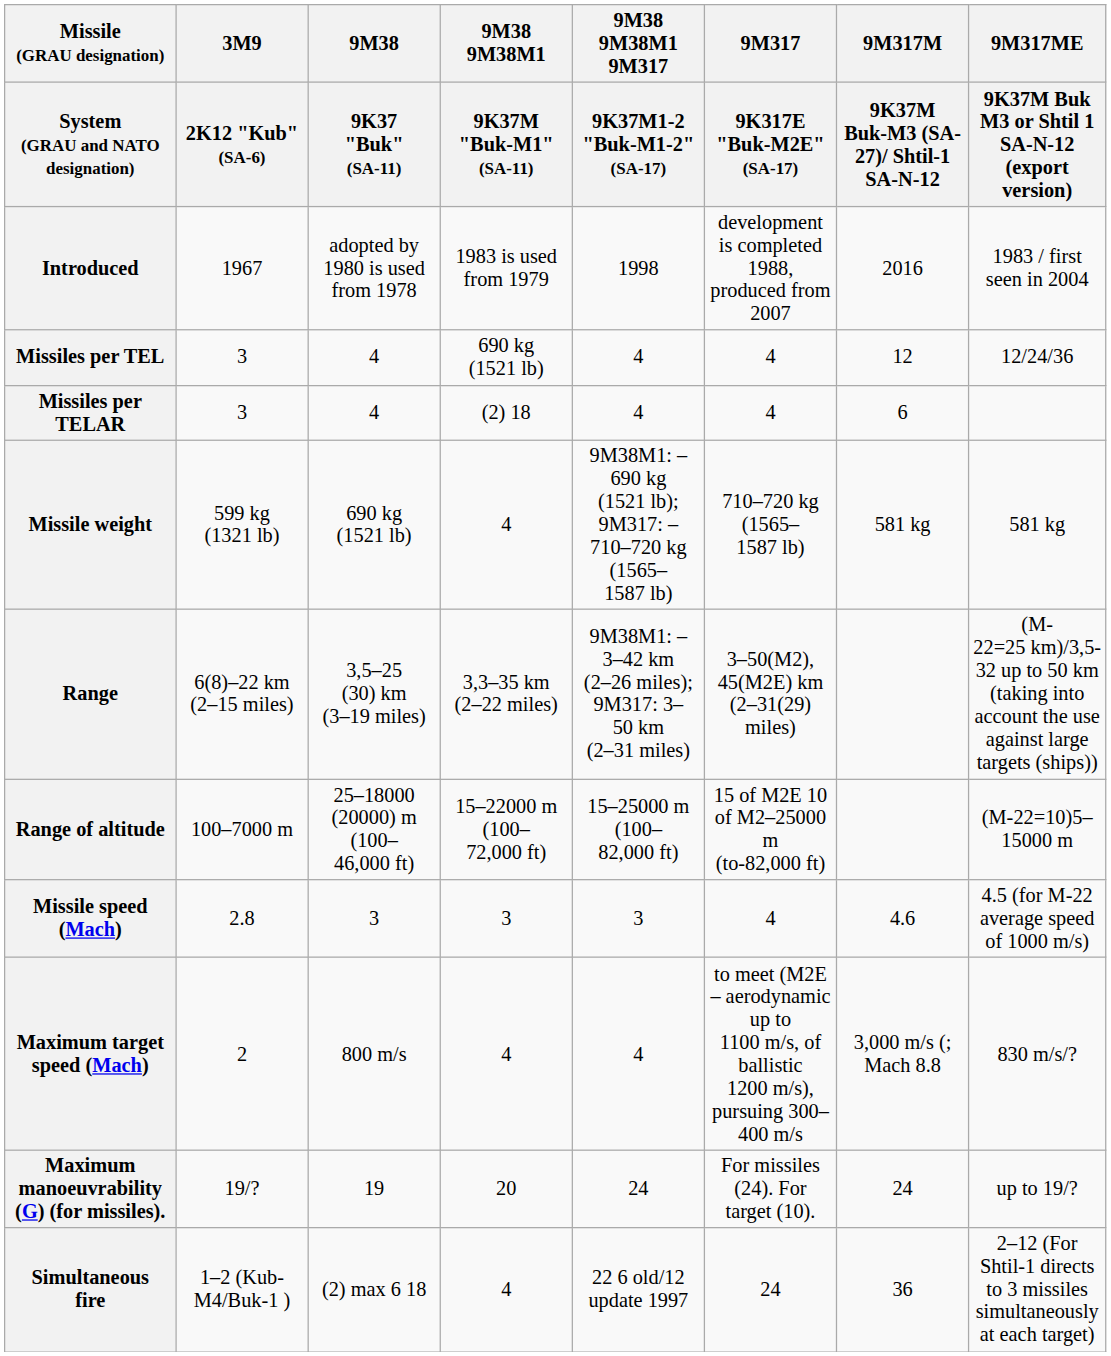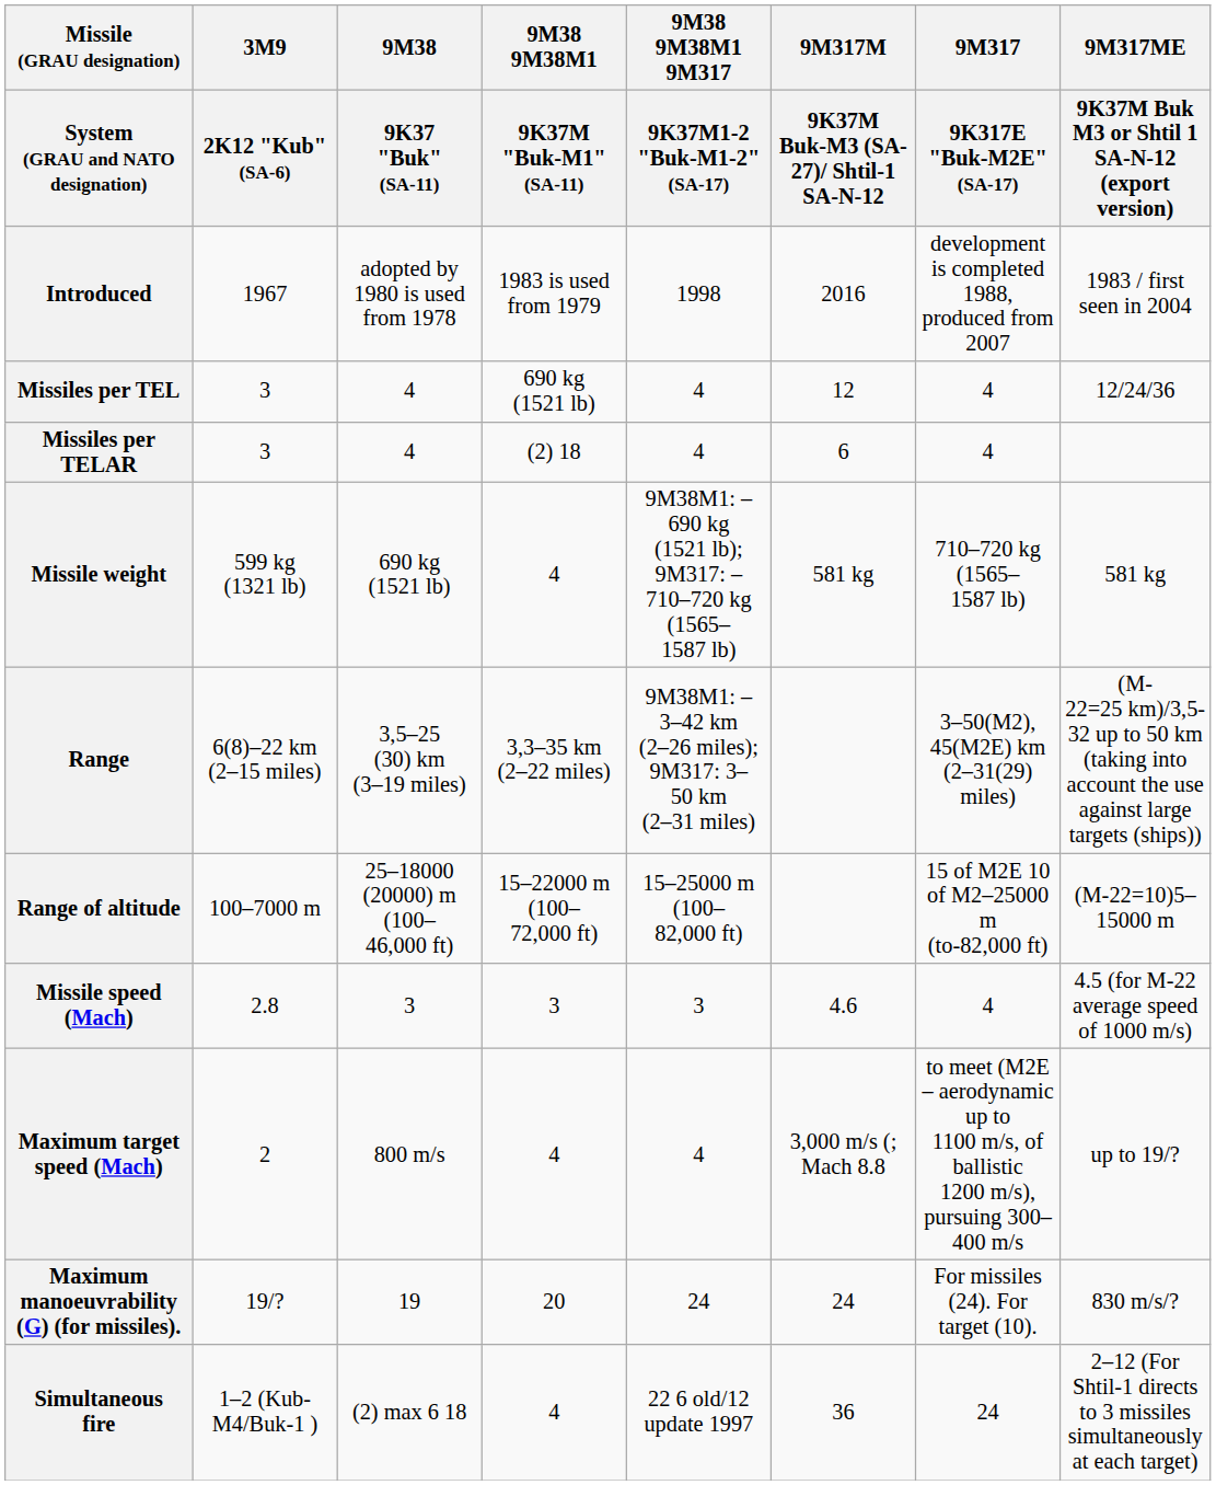 <table class="wikitable" style="text-align:center;">
 <tr>
 <th>Missile <br><small>(GRAU designation)</small></th>
 <th width=12%>3M9</th>
 <th width=12%>9М38</th>
 <th width=12%>9М38<br>9М38M1</th>
 <th width=12%>9М38<br>9М38M1<br>9M317</th>
+<th width=12%>9M317M</th>
 <th width=12%>9M317</th>
-<th width=12%>9M317M</th>
 <th width=12%>9M317ME</th>
 </tr>
 <tr>
 <th>System <br><small>(GRAU and NATO designation)</small></th>
 <th>2K12 "Kub" <br><small>(SA-6)</small></th>
 <th>9K37 <br> "Buk" <br><small>(SA-11)</small></th>
 <th>9K37M <br> "Buk-M1" <br><small>(SA-11)</small></th>
 <th>9K37M1-2 <br> "Buk-M1-2" <br><small>(SA-17)</small></th>
+<th>9K37M<br>Buk-M3 (SA-27)/ Shtil-1  SA-N-12</th>
 <th>9K317E <br> "Buk-M2E" <br> <small>(SA-17)</small></th>
-<th>9K37M<br>Buk-M3 (SA-27)/ Shtil-1  SA-N-12</th>
 <th>9K37M Buk M3 or Shtil 1<br>SA-N-12 (export version)</th>
 </tr>
 <tr>
 <th>Introduced</th>
 <td>1967</td>
 <td>adopted by 1980 is used from 1978</td>
 <td>1983 is used from 1979</td>
 <td>1998</td>
+<td>2016 </td>
 <td>development is completed 1988, produced from 2007</td>
-<td>2016 </td>
 <td>1983 / first seen in 2004</td>
 </tr>
 <tr>
 <th>Missiles per TEL</th>
 <td>3</td>
 <td>4</td>
 <td>690 kg <br>(1521 lb)</td>
 <td>4</td>
+<td>12</td>
 <td>4</td>
-<td>12</td>
 <td>12/24/36</td>
 </tr>
 <tr>
 <th>Missiles per TELAR</th>
 <td>3</td>
 <td>4</td>
 <td>(2) 18</td>
 <td>4</td>
+<td>6</td>
 <td>4</td>
-<td>6</td>
 <td></td>
 </tr>
 <tr>
 <th>Missile weight</th>
 <td>599 kg <br>(1321 lb)</td>
 <td>690 kg <br>(1521 lb)</td>
 <td>4</td>
 <td>9М38M1: – 690 kg <br>(1521 lb);<br>9M317: – 710–720 kg <br>(1565–1587 lb)</td>
+<td>581 kg </td>
 <td>710–720 kg <br>(1565–1587 lb)</td>
-<td>581 kg </td>
 <td>581 kg</td>
 </tr>
 <tr>
 <th>Range</th>
 <td>6(8)–22 km <br>(2–15 miles)</td>
 <td>3,5–25 (30) km <br>(3–19 miles)</td>
 <td>3,3–35 km <br>(2–22 miles)</td>
 <td>9М38M1: – 3–42 km <br>(2–26 miles);<br>9M317: 3–50 km <br>(2–31 miles)</td>
+<td></td>
 <td>3–50(M2), 45(M2E) km <br>(2–31(29) miles)</td>
-<td></td>
 <td>(M-22=25 km)/3,5-32 up to 50 km (taking into account the use against large targets (ships))</td>
 </tr>
 <tr>
 <th>Range of altitude</th>
 <td>100–7000 m <br></td>
 <td>25–18000 (20000) m <br>(100–46,000 ft)</td>
 <td>15–22000 m <br>(100–72,000 ft)</td>
 <td>15–25000 m <br>(100–82,000 ft)</td>
+<td></td>
 <td>15 of M2E 10 of M2–25000 m <br>(to-82,000 ft)</td>
-<td></td>
 <td>(M-22=10)5–15000 m</td>
 </tr>
 <tr>
 <th>Missile speed <br>(<a href='#'>Mach</a>)</th>
 <td>2.8</td>
 <td>3</td>
 <td>3</td>
 <td>3</td>
+<td>4.6</td>
 <td>4</td>
-<td>4.6</td>
 <td>4.5 (for M-22 average speed of 1000 m/s)</td>
 </tr>
 <tr>
 <th>Maximum target <br>speed (<a href='#'>Mach</a>)</th>
 <td>2</td>
 <td>800 m/s</td>
 <td>4</td>
 <td>4</td>
+<td>3,000 m/s (; Mach 8.8 </td>
 <td>to meet (M2E – aerodynamic up to 1100 m/s, of ballistic 1200 m/s), pursuing 300–400 m/s</td>
-<td>3,000 m/s (; Mach 8.8 </td>
-<td>830 m/s/?</td>
+<td>up to 19/?</td>
 </tr>
 <tr>
 <th>Maximum <br>manoeuvrability (<a href='#'>G</a>) (for missiles).</th>
 <td>19/?</td>
 <td>19</td>
 <td>20</td>
 <td>24</td>
+<td>24 </td>
 <td>For missiles (24). For target (10).</td>
-<td>24 </td>
-<td>up to 19/?</td>
+<td>830 m/s/?</td>
 </tr>
 <tr>
 <th>Simultaneous <br>fire</th>
 <td>1–2 (Kub-M4/Buk-1 )</td>
 <td>(2) max 6 18</td>
 <td>4</td>
 <td>22  6 old/12 update 1997</td>
+<td>36 </td>
 <td>24</td>
-<td>36 </td>
 <td>2–12 (For Shtil-1 directs to 3 missiles simultaneously at each target)</td>
 </tr>
 </table>
